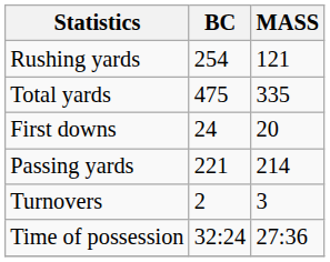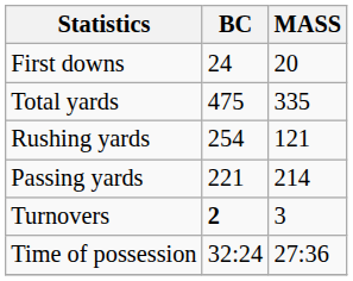 <table class="wikitable">
 <tr>
 <th>Statistics</th>
 <th>BC</th>
 <th>MASS</th>
 </tr>
 <tr>
-<td>Rushing yards</td>
-<td>254</td>
-<td>121</td>
+<td>First downs</td>
+<td>24</td>
+<td>20</td>
 </tr>
 <tr>
 <td>Total yards</td>
 <td>475</td>
 <td>335</td>
 </tr>
 <tr>
-<td>First downs</td>
-<td>24</td>
-<td>20</td>
+<td>Rushing yards</td>
+<td>254</td>
+<td>121</td>
 </tr>
 <tr>
 <td>Passing yards</td>
 <td>221</td>
 <td>214</td>
 </tr>
 <tr>
 <td>Turnovers</td>
-<td>2</td>
+<td><strong>2</strong></td>
 <td>3</td>
 </tr>
 <tr>
 <td>Time of possession</td>
 <td>32:24</td>
 <td>27:36</td>
 </tr>
 <tr>
 </tr>
 </table>
